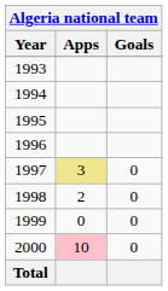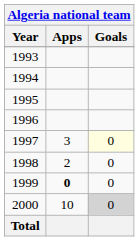 <table class="wikitable" style="text-align:center">
 <tr>
 <th colspan=3><a href='#'>Algeria national team</a></th>
 </tr>
 <tr>
 <th>Year</th>
 <th>Apps</th>
 <th>Goals</th>
 </tr>
 <tr>
 </tr>
 <tr>
 <td>1993</td>
 <td></td>
 <td></td>
 </tr>
 <tr>
 <td>1994</td>
 <td></td>
 <td></td>
 </tr>
 <tr>
 <td>1995</td>
 <td></td>
 <td></td>
 </tr>
 <tr>
 <td>1996</td>
 <td></td>
 <td></td>
 </tr>
 <tr>
 <td>1997</td>
-<td style="background: khaki;">3</td>
-<td>0</td>
+<td>3</td>
+<td style="background: lightyellow;">0</td>
 </tr>
 <tr>
 <td>1998</td>
 <td>2</td>
 <td>0</td>
 </tr>
 <tr>
 <td>1999</td>
-<td>0</td>
+<td><strong>0</strong></td>
 <td>0</td>
 </tr>
 <tr>
 <td>2000</td>
-<td style="background: pink;">10</td>
-<td>0</td>
+<td>10</td>
+<td style="background: lightgrey;">0</td>
 </tr>
 <tr>
 <th>Total</th>
 <th></th>
 <th></th>
 </tr>
 </table>
